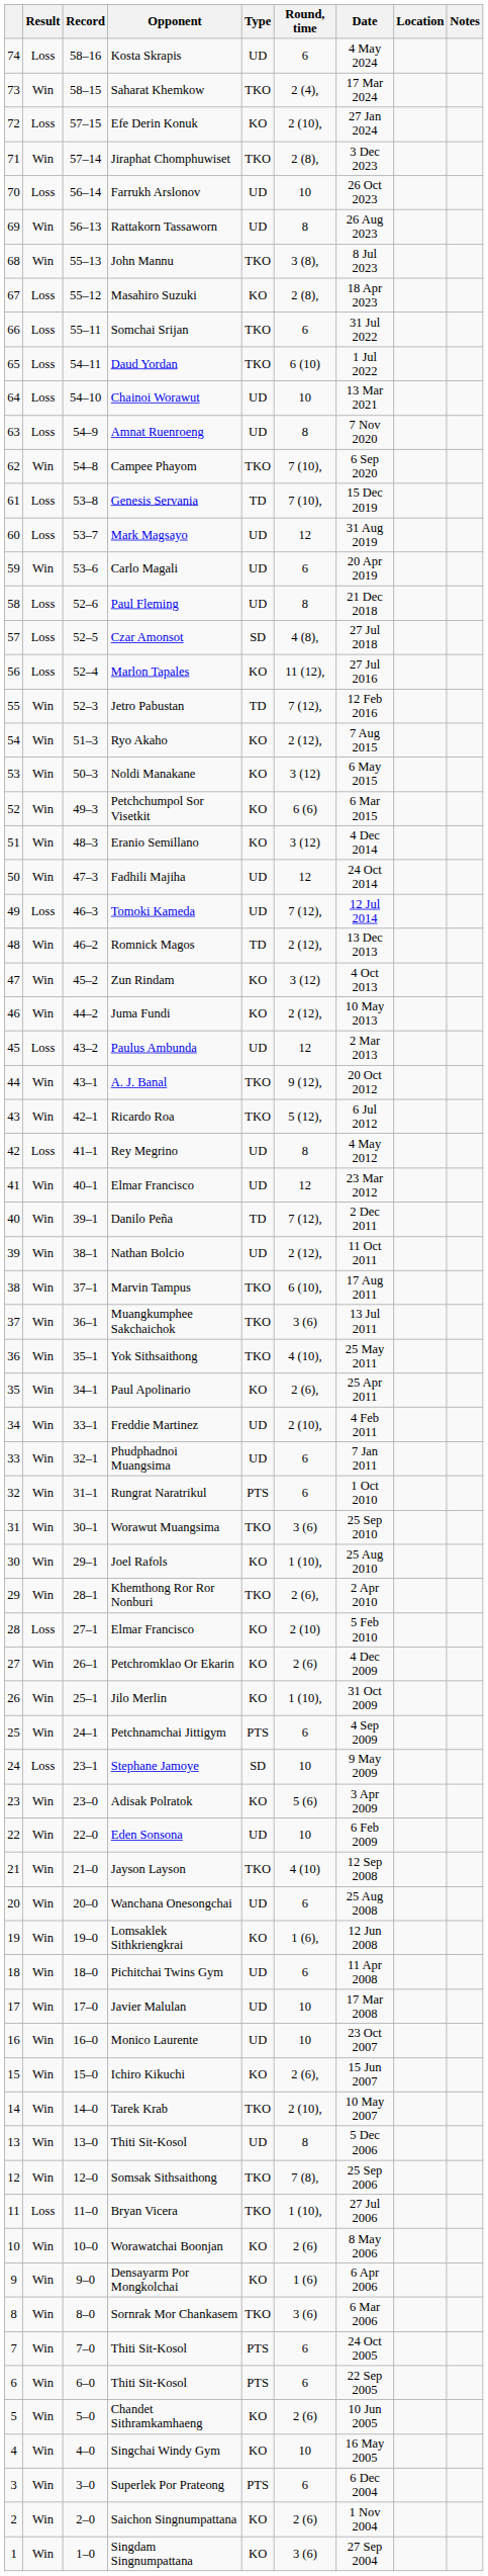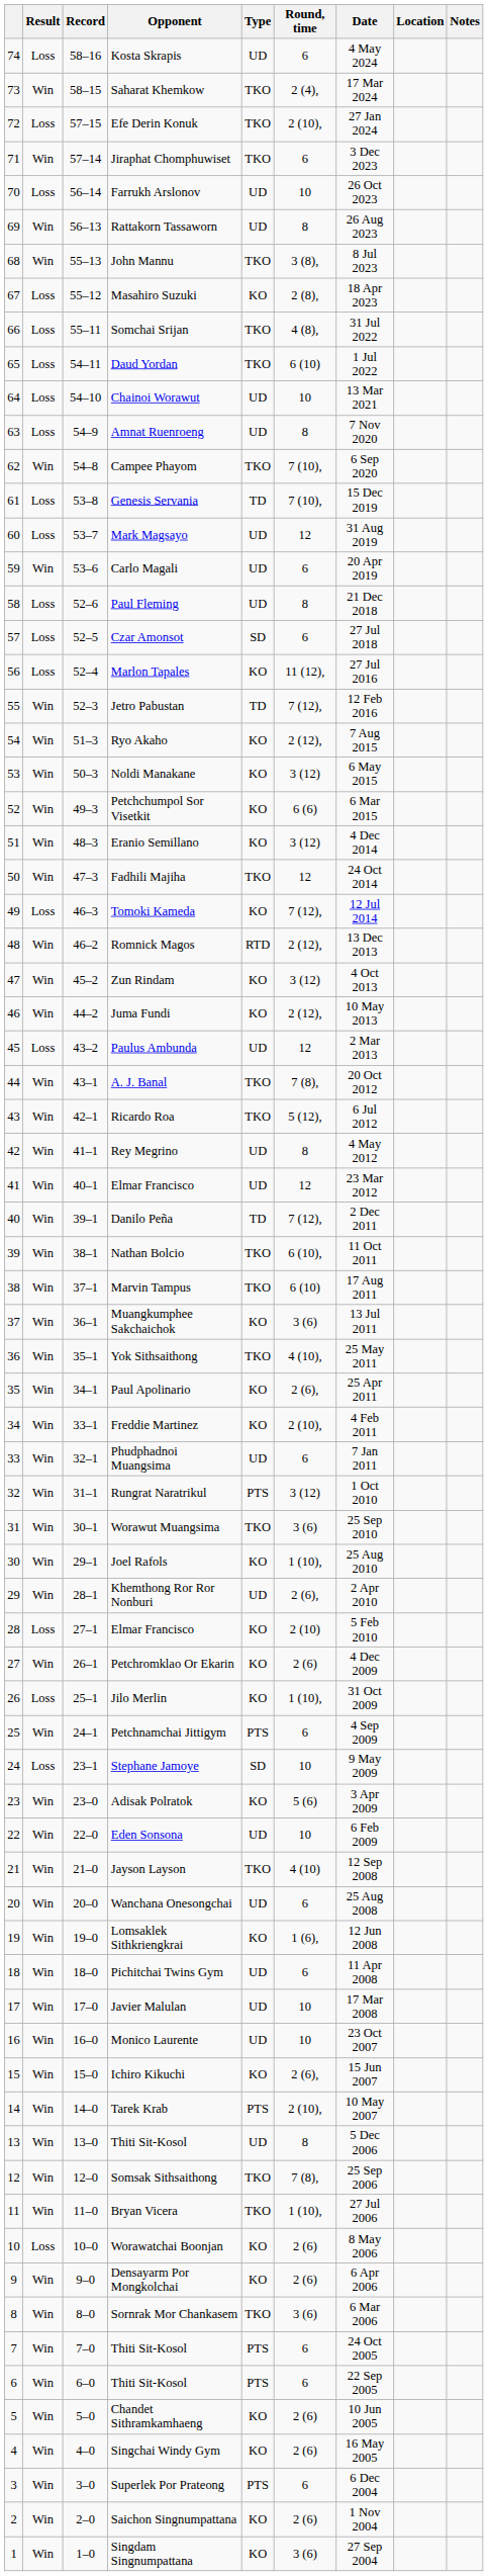 <table class="wikitable" style="text-align:center">
 <tr>
 <th></th>
 <th>Result</th>
 <th>Record</th>
 <th>Opponent</th>
 <th>Type</th>
 <th>Round, time</th>
 <th>Date</th>
 <th>Location</th>
 <th>Notes</th>
 </tr>
 <tr>
 <td>74</td>
 <td>Loss</td>
 <td>58–16</td>
 <td align=left>Kosta Skrapis</td>
 <td>UD</td>
 <td>6</td>
 <td>4 May 2024</td>
 <td align=left></td>
 <td></td>
 </tr>
 <tr>
 <td>73</td>
 <td>Win</td>
 <td>58–15</td>
 <td align=left>Saharat Khemkow</td>
 <td>TKO</td>
 <td>2 (4), </td>
 <td>17 Mar 2024</td>
 <td align=left></td>
 <td></td>
 </tr>
 <tr>
 <td>72</td>
 <td>Loss</td>
 <td>57–15</td>
 <td align=left>Efe Derin Konuk</td>
-<td>KO</td>
+<td>TKO</td>
 <td>2 (10), </td>
 <td>27 Jan 2024</td>
 <td align=left></td>
 <td></td>
 </tr>
 <tr>
 <td>71</td>
 <td>Win</td>
 <td>57–14</td>
 <td align=left>Jiraphat Chomphuwiset</td>
 <td>TKO</td>
-<td>2 (8), </td>
+<td>6</td>
 <td>3 Dec 2023</td>
 <td align=left></td>
 <td></td>
 </tr>
 <tr>
 <td>70</td>
 <td>Loss</td>
 <td>56–14</td>
 <td align=left>Farrukh Arslonov</td>
 <td>UD</td>
 <td>10</td>
 <td>26 Oct 2023</td>
 <td align=left></td>
 <td></td>
 </tr>
 <tr>
 <td>69</td>
 <td>Win</td>
 <td>56–13</td>
 <td align=left>Rattakorn Tassaworn</td>
 <td>UD</td>
 <td>8</td>
 <td>26 Aug 2023</td>
 <td align=left></td>
 <td></td>
 </tr>
 <tr>
 <td>68</td>
 <td>Win</td>
 <td>55–13</td>
 <td align=left>John Mannu</td>
 <td>TKO</td>
 <td>3 (8), </td>
 <td>8 Jul 2023</td>
 <td align=left></td>
 <td></td>
 </tr>
 <tr>
 <td>67</td>
 <td>Loss</td>
 <td>55–12</td>
 <td align=left>Masahiro Suzuki</td>
 <td>KO</td>
 <td>2 (8), </td>
 <td>18 Apr 2023</td>
 <td align=left></td>
 <td></td>
 </tr>
 <tr>
 <td>66</td>
 <td>Loss</td>
 <td>55–11</td>
 <td align=left>Somchai Srijan</td>
 <td>TKO</td>
-<td>6</td>
+<td>4 (8), </td>
 <td>31 Jul 2022</td>
 <td align=left></td>
 <td></td>
 </tr>
 <tr>
 <td>65</td>
 <td>Loss</td>
 <td>54–11</td>
 <td align=left><a href='#'>Daud Yordan</a></td>
 <td>TKO</td>
 <td>6 (10)</td>
 <td>1 Jul 2022</td>
 <td align=left></td>
 <td align=left></td>
 </tr>
 <tr>
 <td>64</td>
 <td>Loss</td>
 <td>54–10</td>
 <td align=left><a href='#'>Chainoi Worawut</a></td>
 <td>UD</td>
 <td>10</td>
 <td>13 Mar 2021</td>
 <td align=left></td>
 <td align=left></td>
 </tr>
 <tr>
 <td>63</td>
 <td>Loss</td>
 <td>54–9</td>
 <td align=left><a href='#'>Amnat Ruenroeng</a></td>
 <td>UD</td>
 <td>8</td>
 <td>7 Nov 2020</td>
 <td align=left></td>
 <td></td>
 </tr>
 <tr>
 <td>62</td>
 <td>Win</td>
 <td>54–8</td>
 <td align=left>Campee Phayom</td>
 <td>TKO</td>
 <td>7 (10), </td>
 <td>6 Sep 2020</td>
 <td align=left></td>
 <td align=left></td>
 </tr>
 <tr>
 <td>61</td>
 <td>Loss</td>
 <td>53–8</td>
 <td align=left><a href='#'>Genesis Servania</a></td>
 <td>TD</td>
 <td>7 (10), </td>
 <td>15 Dec 2019</td>
 <td align=left></td>
 <td align=left></td>
 </tr>
 <tr>
 <td>60</td>
 <td>Loss</td>
 <td>53–7</td>
 <td align=left><a href='#'>Mark Magsayo</a></td>
 <td>UD</td>
 <td>12</td>
 <td>31 Aug 2019</td>
 <td align=left></td>
 <td align=left></td>
 </tr>
 <tr>
 <td>59</td>
 <td>Win</td>
 <td>53–6</td>
 <td align=left>Carlo Magali</td>
 <td>UD</td>
 <td>6</td>
 <td>20 Apr 2019</td>
 <td align=left></td>
 <td></td>
 </tr>
 <tr>
 <td>58</td>
 <td>Loss</td>
 <td>52–6</td>
 <td align=left><a href='#'>Paul Fleming</a></td>
 <td>UD</td>
 <td>8</td>
 <td>21 Dec 2018</td>
 <td align=left></td>
 <td></td>
 </tr>
 <tr>
 <td>57</td>
 <td>Loss</td>
 <td>52–5</td>
 <td align=left><a href='#'>Czar Amonsot</a></td>
 <td>SD</td>
-<td>4 (8), </td>
+<td>6</td>
 <td>27 Jul 2018</td>
 <td align=left></td>
 <td></td>
 </tr>
 <tr>
 <td>56</td>
 <td>Loss</td>
 <td>52–4</td>
 <td align=left><a href='#'>Marlon Tapales</a></td>
 <td>KO</td>
 <td>11 (12), </td>
 <td>27 Jul 2016</td>
 <td align=left></td>
 <td align=left></td>
 </tr>
 <tr>
 <td>55</td>
 <td>Win</td>
 <td>52–3</td>
 <td align=left>Jetro Pabustan</td>
 <td>TD</td>
 <td>7 (12), </td>
 <td>12 Feb 2016</td>
 <td align=left></td>
 <td align=left></td>
 </tr>
 <tr>
 <td>54</td>
 <td>Win</td>
 <td>51–3</td>
 <td align=left>Ryo Akaho</td>
 <td>KO</td>
 <td>2 (12), </td>
 <td>7 Aug 2015</td>
 <td align=left></td>
 <td align=left></td>
 </tr>
 <tr>
 <td>53</td>
 <td>Win</td>
 <td>50–3</td>
 <td align=left>Noldi Manakane</td>
 <td>KO</td>
 <td>3 (12)</td>
 <td>6 May 2015</td>
 <td align=left></td>
 <td align=left></td>
 </tr>
 <tr>
 <td>52</td>
 <td>Win</td>
 <td>49–3</td>
 <td align=left>Petchchumpol Sor Visetkit</td>
 <td>KO</td>
 <td>6 (6)</td>
 <td>6 Mar 2015</td>
 <td align=left></td>
 <td></td>
 </tr>
 <tr>
 <td>51</td>
 <td>Win</td>
 <td>48–3</td>
 <td align=left>Eranio Semillano</td>
 <td>KO</td>
 <td>3 (12)</td>
 <td>4 Dec 2014</td>
 <td align=left></td>
 <td align=left></td>
 </tr>
 <tr>
 <td>50</td>
 <td>Win</td>
 <td>47–3</td>
 <td align=left>Fadhili Majiha</td>
-<td>UD</td>
+<td>TKO</td>
 <td>12</td>
 <td>24 Oct 2014</td>
 <td align=left></td>
 <td></td>
 </tr>
 <tr>
 <td>49</td>
 <td>Loss</td>
 <td>46–3</td>
 <td align=left><a href='#'>Tomoki Kameda</a></td>
-<td>UD</td>
+<td>KO</td>
 <td>7 (12), </td>
 <td><a href='#'>12 Jul 2014</a></td>
 <td align=left></td>
 <td align=left></td>
 </tr>
 <tr>
 <td>48</td>
 <td>Win</td>
 <td>46–2</td>
 <td align=left>Romnick Magos</td>
-<td>TD</td>
+<td>RTD</td>
 <td>2 (12), </td>
 <td>13 Dec 2013</td>
 <td align=left></td>
 <td align=left></td>
 </tr>
 <tr>
 <td>47</td>
 <td>Win</td>
 <td>45–2</td>
 <td align=left>Zun Rindam</td>
 <td>KO</td>
 <td>3 (12)</td>
 <td>4 Oct 2013</td>
 <td align=left></td>
 <td align=left></td>
 </tr>
 <tr>
 <td>46</td>
 <td>Win</td>
 <td>44–2</td>
 <td align=left>Juma Fundi</td>
 <td>KO</td>
 <td>2 (12), </td>
 <td>10 May 2013</td>
 <td align=left></td>
 <td align=left></td>
 </tr>
 <tr>
 <td>45</td>
 <td>Loss</td>
 <td>43–2</td>
 <td align=left><a href='#'>Paulus Ambunda</a></td>
 <td>UD</td>
 <td>12</td>
 <td>2 Mar 2013</td>
 <td align=left></td>
 <td align=left></td>
 </tr>
 <tr>
 <td>44</td>
 <td>Win</td>
 <td>43–1</td>
 <td align=left><a href='#'>A. J. Banal</a></td>
 <td>TKO</td>
-<td>9 (12), </td>
+<td>7 (8), </td>
 <td>20 Oct 2012</td>
 <td align=left></td>
 <td align=left></td>
 </tr>
 <tr>
 <td>43</td>
 <td>Win</td>
 <td>42–1</td>
 <td align=left>Ricardo Roa</td>
 <td>TKO</td>
 <td>5 (12), </td>
 <td>6 Jul 2012</td>
 <td align=left></td>
 <td></td>
 </tr>
 <tr>
 <td>42</td>
-<td>Loss</td>
+<td>Win</td>
 <td>41–1</td>
 <td align=left>Rey Megrino</td>
 <td>UD</td>
 <td>8</td>
 <td>4 May 2012</td>
 <td align=left></td>
 <td></td>
 </tr>
 <tr>
 <td>41</td>
 <td>Win</td>
 <td>40–1</td>
 <td align=left>Elmar Francisco</td>
 <td>UD</td>
 <td>12</td>
 <td>23 Mar 2012</td>
 <td align=left></td>
 <td></td>
 </tr>
 <tr>
 <td>40</td>
 <td>Win</td>
 <td>39–1</td>
 <td align=left>Danilo Peña</td>
 <td>TD</td>
 <td>7 (12), </td>
 <td>2 Dec 2011</td>
 <td align=left></td>
 <td align=left></td>
 </tr>
 <tr>
 <td>39</td>
 <td>Win</td>
 <td>38–1</td>
 <td align=left>Nathan Bolcio</td>
-<td>UD</td>
-<td>2 (12), </td>
+<td>TKO</td>
+<td>6 (10), </td>
 <td>11 Oct 2011</td>
 <td align=left></td>
 <td></td>
 </tr>
 <tr>
 <td>38</td>
 <td>Win</td>
 <td>37–1</td>
 <td align=left>Marvin Tampus</td>
 <td>TKO</td>
-<td>6 (10), </td>
+<td>6 (10)</td>
 <td>17 Aug 2011</td>
 <td align=left></td>
 <td align=left></td>
 </tr>
 <tr>
 <td>37</td>
 <td>Win</td>
 <td>36–1</td>
 <td align=left>Muangkumphee Sakchaichok</td>
-<td>TKO</td>
+<td>KO</td>
 <td>3 (6)</td>
 <td>13 Jul 2011</td>
 <td align=left></td>
 <td></td>
 </tr>
 <tr>
 <td>36</td>
 <td>Win</td>
 <td>35–1</td>
 <td align=left>Yok Sithsaithong</td>
 <td>TKO</td>
 <td>4 (10), </td>
 <td>25 May 2011</td>
 <td align=left></td>
 <td align=left></td>
 </tr>
 <tr>
 <td>35</td>
 <td>Win</td>
 <td>34–1</td>
 <td align=left>Paul Apolinario</td>
 <td>KO</td>
 <td>2 (6), </td>
 <td>25 Apr 2011</td>
 <td align=left></td>
 <td align=left></td>
 </tr>
 <tr>
 <td>34</td>
 <td>Win</td>
 <td>33–1</td>
 <td align=left>Freddie Martinez</td>
-<td>UD</td>
+<td>KO</td>
 <td>2 (10), </td>
 <td>4 Feb 2011</td>
 <td align=left></td>
 <td align=left></td>
 </tr>
 <tr>
 <td>33</td>
 <td>Win</td>
 <td>32–1</td>
 <td align=left>Phudphadnoi Muangsima</td>
 <td>UD</td>
 <td>6</td>
 <td>7 Jan 2011</td>
 <td align=left></td>
 <td></td>
 </tr>
 <tr>
 <td>32</td>
 <td>Win</td>
 <td>31–1</td>
 <td align=left>Rungrat Naratrikul</td>
 <td>PTS</td>
-<td>6</td>
+<td>3 (12)</td>
 <td>1 Oct 2010</td>
 <td align=left></td>
 <td></td>
 </tr>
 <tr>
 <td>31</td>
 <td>Win</td>
 <td>30–1</td>
 <td align=left>Worawut Muangsima</td>
 <td>TKO</td>
 <td>3 (6)</td>
 <td>25 Sep 2010</td>
 <td align=left></td>
 <td></td>
 </tr>
 <tr>
 <td>30</td>
 <td>Win</td>
 <td>29–1</td>
 <td align=left>Joel Rafols</td>
 <td>KO</td>
 <td>1 (10), </td>
 <td>25 Aug 2010</td>
 <td align=left></td>
 <td align=left></td>
 </tr>
 <tr>
 <td>29</td>
 <td>Win</td>
 <td>28–1</td>
 <td align=left>Khemthong Ror Ror Nonburi</td>
-<td>TKO</td>
+<td>UD</td>
 <td>2 (6), </td>
 <td>2 Apr 2010</td>
 <td align=left></td>
 <td></td>
 </tr>
 <tr>
 <td>28</td>
 <td>Loss</td>
 <td>27–1</td>
 <td align=left>Elmar Francisco</td>
 <td>KO</td>
 <td>2 (10)</td>
 <td>5 Feb 2010</td>
 <td align=left></td>
 <td align=left></td>
 </tr>
 <tr>
 <td>27</td>
 <td>Win</td>
 <td>26–1</td>
 <td align=left>Petchromklao Or Ekarin</td>
 <td>KO</td>
 <td>2 (6)</td>
 <td>4 Dec 2009</td>
 <td align=left></td>
 <td></td>
 </tr>
 <tr>
 <td>26</td>
-<td>Win</td>
+<td>Loss</td>
 <td>25–1</td>
 <td align=left>Jilo Merlin</td>
 <td>KO</td>
 <td>1 (10), </td>
 <td>31 Oct 2009</td>
 <td align=left></td>
 <td align=left></td>
 </tr>
 <tr>
 <td>25</td>
 <td>Win</td>
 <td>24–1</td>
 <td align=left>Petchnamchai Jittigym</td>
 <td>PTS</td>
 <td>6</td>
 <td>4 Sep 2009</td>
 <td align=left></td>
 <td></td>
 </tr>
 <tr>
 <td>24</td>
 <td>Loss</td>
 <td>23–1</td>
 <td align=left><a href='#'>Stephane Jamoye</a></td>
 <td>SD</td>
 <td>10</td>
 <td>9 May 2009</td>
 <td align=left></td>
 <td align=left></td>
 </tr>
 <tr>
 <td>23</td>
 <td>Win</td>
 <td>23–0</td>
 <td align=left>Adisak Polratok</td>
 <td>KO</td>
 <td>5 (6)</td>
 <td>3 Apr 2009</td>
 <td align=left></td>
 <td></td>
 </tr>
 <tr>
 <td>22</td>
 <td>Win</td>
 <td>22–0</td>
 <td align=left><a href='#'>Eden Sonsona</a></td>
 <td>UD</td>
 <td>10</td>
 <td>6 Feb 2009</td>
 <td align=left></td>
 <td align=left></td>
 </tr>
 <tr>
 <td>21</td>
 <td>Win</td>
 <td>21–0</td>
 <td align=left>Jayson Layson</td>
 <td>TKO</td>
 <td>4 (10)</td>
 <td>12 Sep 2008</td>
 <td align=left></td>
 <td align=left></td>
 </tr>
 <tr>
 <td>20</td>
 <td>Win</td>
 <td>20–0</td>
 <td align=left>Wanchana Onesongchai</td>
 <td>UD</td>
 <td>6</td>
 <td>25 Aug 2008</td>
 <td align=left></td>
 <td></td>
 </tr>
 <tr>
 <td>19</td>
 <td>Win</td>
 <td>19–0</td>
 <td align=left>Lomsaklek Sithkriengkrai</td>
 <td>KO</td>
 <td>1 (6), </td>
 <td>12 Jun 2008</td>
 <td align=left></td>
 <td></td>
 </tr>
 <tr>
 <td>18</td>
 <td>Win</td>
 <td>18–0</td>
 <td align=left>Pichitchai Twins Gym</td>
 <td>UD</td>
 <td>6</td>
 <td>11 Apr 2008</td>
 <td align=left></td>
 <td></td>
 </tr>
 <tr>
 <td>17</td>
 <td>Win</td>
 <td>17–0</td>
 <td align=left>Javier Malulan</td>
 <td>UD</td>
 <td>10</td>
 <td>17 Mar 2008</td>
 <td align=left></td>
 <td align=left></td>
 </tr>
 <tr>
 <td>16</td>
 <td>Win</td>
 <td>16–0</td>
 <td align=left>Monico Laurente</td>
 <td>UD</td>
 <td>10</td>
 <td>23 Oct 2007</td>
 <td align=left></td>
 <td align=left></td>
 </tr>
 <tr>
 <td>15</td>
 <td>Win</td>
 <td>15–0</td>
 <td align=left>Ichiro Kikuchi</td>
 <td>KO</td>
 <td>2 (6), </td>
 <td>15 Jun 2007</td>
 <td align=left></td>
 <td></td>
 </tr>
 <tr>
 <td>14</td>
 <td>Win</td>
 <td>14–0</td>
 <td align=left>Tarek Krab</td>
-<td>TKO</td>
+<td>PTS</td>
 <td>2 (10), </td>
 <td>10 May 2007</td>
 <td align=left></td>
 <td align=left></td>
 </tr>
 <tr>
 <td>13</td>
 <td>Win</td>
 <td>13–0</td>
 <td align=left>Thiti Sit-Kosol</td>
 <td>UD</td>
 <td>8</td>
 <td>5 Dec 2006</td>
 <td align=left></td>
 <td></td>
 </tr>
 <tr>
 <td>12</td>
 <td>Win</td>
 <td>12–0</td>
 <td align=left>Somsak Sithsaithong</td>
 <td>TKO</td>
 <td>7 (8), </td>
 <td>25 Sep 2006</td>
 <td align=left></td>
 <td></td>
 </tr>
 <tr>
 <td>11</td>
-<td>Loss</td>
+<td>Win</td>
 <td>11–0</td>
 <td align=left>Bryan Vicera</td>
 <td>TKO</td>
 <td>1 (10), </td>
 <td>27 Jul 2006</td>
 <td align=left></td>
 <td align=left></td>
 </tr>
 <tr>
 <td>10</td>
-<td>Win</td>
+<td>Loss</td>
 <td>10–0</td>
 <td align=left>Worawatchai Boonjan</td>
 <td>KO</td>
 <td>2 (6)</td>
 <td>8 May 2006</td>
 <td align=left></td>
 <td></td>
 </tr>
 <tr>
 <td>9</td>
 <td>Win</td>
 <td>9–0</td>
 <td align=left>Densayarm Por Mongkolchai</td>
 <td>KO</td>
-<td>1 (6)</td>
+<td>2 (6)</td>
 <td>6 Apr 2006</td>
 <td align=left></td>
 <td></td>
 </tr>
 <tr>
 <td>8</td>
 <td>Win</td>
 <td>8–0</td>
 <td align=left>Sornrak Mor Chankasem</td>
 <td>TKO</td>
 <td>3 (6)</td>
 <td>6 Mar 2006</td>
 <td align=left></td>
 <td></td>
 </tr>
 <tr>
 <td>7</td>
 <td>Win</td>
 <td>7–0</td>
 <td align=left>Thiti Sit-Kosol</td>
 <td>PTS</td>
 <td>6</td>
 <td>24 Oct 2005</td>
 <td align=left></td>
 <td></td>
 </tr>
 <tr>
 <td>6</td>
 <td>Win</td>
 <td>6–0</td>
 <td align=left>Thiti Sit-Kosol</td>
 <td>PTS</td>
 <td>6</td>
 <td>22 Sep 2005</td>
 <td align=left></td>
 <td></td>
 </tr>
 <tr>
 <td>5</td>
 <td>Win</td>
 <td>5–0</td>
 <td align=left>Chandet Sithramkamhaeng</td>
 <td>KO</td>
 <td>2 (6)</td>
 <td>10 Jun 2005</td>
 <td align=left></td>
 <td></td>
 </tr>
 <tr>
 <td>4</td>
 <td>Win</td>
 <td>4–0</td>
 <td align=left>Singchai Windy Gym</td>
 <td>KO</td>
-<td>10</td>
+<td>2 (6)</td>
 <td>16 May 2005</td>
 <td align=left></td>
 <td></td>
 </tr>
 <tr>
 <td>3</td>
 <td>Win</td>
 <td>3–0</td>
 <td align=left>Superlek Por Prateong</td>
 <td>PTS</td>
 <td>6</td>
 <td>6 Dec 2004</td>
 <td align=left></td>
 <td></td>
 </tr>
 <tr>
 <td>2</td>
 <td>Win</td>
 <td>2–0</td>
 <td align=left>Saichon Singnumpattana</td>
 <td>KO</td>
 <td>2 (6)</td>
 <td>1 Nov 2004</td>
 <td align=left></td>
 <td></td>
 </tr>
 <tr>
 <td>1</td>
 <td>Win</td>
 <td>1–0</td>
 <td align=left>Singdam Singnumpattana</td>
 <td>KO</td>
 <td>3 (6)</td>
 <td>27 Sep 2004</td>
 <td align=left></td>
 <td></td>
 </tr>
 </table>
